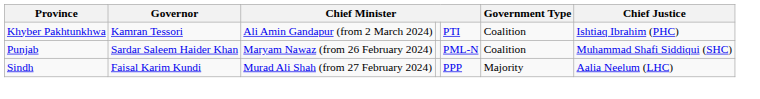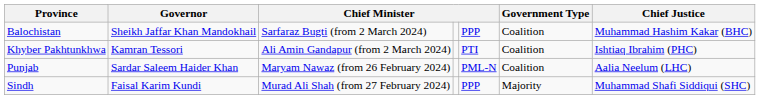 <table class="wikitable">
 <tr>
 <th>Province</th>
 <th>Governor</th>
 <th colspan="3">Chief Minister</th>
 <th>Government Type</th>
 <th>Chief Justice</th>
+</tr>
+<tr>
+<td><a href='#'>Balochistan</a></td>
+<td><a href='#'>Sheikh Jaffar Khan Mandokhail</a></td>
+<td><a href='#'>Sarfaraz Bugti</a> (from 2 March 2024)</td>
+<td style="background-color: "></td>
+<td><a href='#'>PPP</a></td>
+<td>Coalition</td>
+<td><a href='#'>Muhammad Hashim Kakar</a> (<a href='#'>BHC</a>)</td>
 </tr>
 <tr>
 <td><a href='#'>Khyber Pakhtunkhwa</a></td>
 <td><a href='#'>Kamran Tessori</a></td>
 <td><a href='#'>Ali Amin Gandapur</a> (from 2 March 2024)</td>
 <td style="background-color: "></td>
 <td><a href='#'>PTI</a></td>
 <td>Coalition</td>
 <td><a href='#'>Ishtiaq Ibrahim</a> (<a href='#'>PHC</a>)</td>
 </tr>
 <tr>
 <td><a href='#'>Punjab</a></td>
 <td><a href='#'>Sardar Saleem Haider Khan</a></td>
 <td><a href='#'>Maryam Nawaz</a> (from 26 February 2024)</td>
 <td style="background-color: "></td>
 <td><a href='#'>PML-N</a></td>
 <td>Coalition</td>
-<td><a href='#'>Muhammad Shafi Siddiqui</a> (<a href='#'>SHC</a>)</td>
+<td><a href='#'>Aalia Neelum</a> (<a href='#'>LHC</a>)</td>
 </tr>
 <tr>
 <td><a href='#'>Sindh</a></td>
 <td><a href='#'>Faisal Karim Kundi</a></td>
 <td><a href='#'>Murad Ali Shah</a> (from 27 February 2024)</td>
 <td style="background-color: "></td>
 <td><a href='#'>PPP</a></td>
 <td>Majority</td>
-<td><a href='#'>Aalia Neelum</a> (<a href='#'>LHC</a>)</td>
+<td><a href='#'>Muhammad Shafi Siddiqui</a> (<a href='#'>SHC</a>)</td>
 </tr>
 </table>
